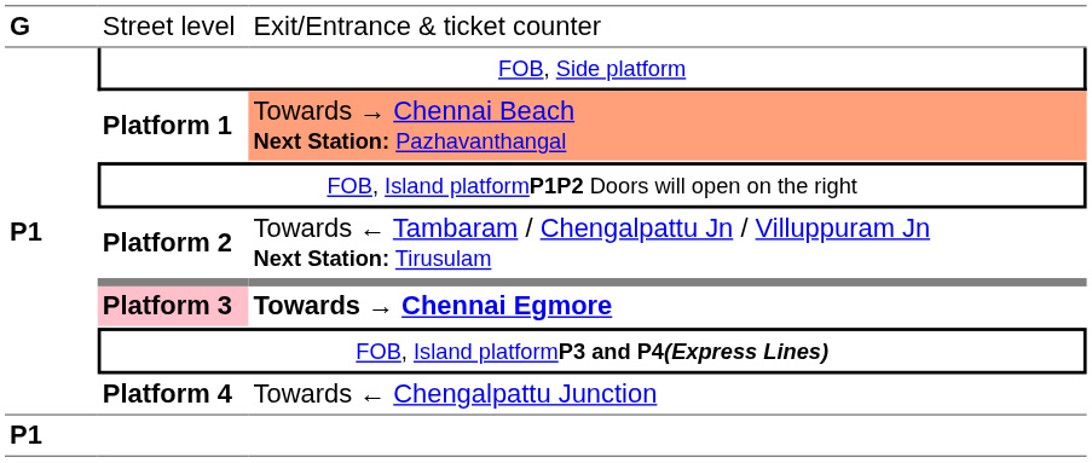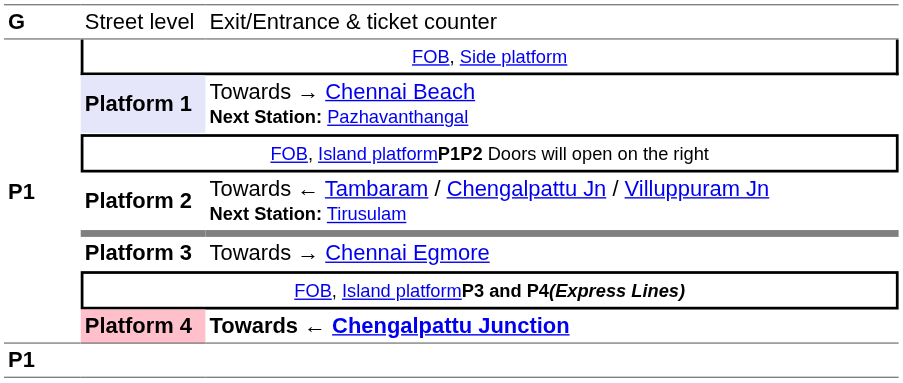 <table cellpadding="3" cellspacing="0" border="0">
 <tr>
 <td valign="top" width="30" style="border-top:solid 1px gray;border-bottom:solid 1px gray;"><strong>G</strong></td>
 <td valign="top" width="85" style="border-top:solid 1px gray;border-bottom:solid 1px gray;">Street level</td>
 <td valign="top" width="500" style="border-top:solid 1px gray;border-bottom:solid 1px gray;">Exit/Entrance & ticket counter</td>
 </tr>
 <tr>
 <td rowspan="7" style="border-bottom:solid 1px gray;" width="50" valign="center"><strong>P1</strong></td>
 <td colspan="2" style="border-right:solid 2px black;border-left:solid 2px black;border-bottom:solid 2px black;text-align:center;"><a href='#'><small>FOB</small></a><small>, <a href='#'>Side platform</a></small></td>
 </tr>
 <tr>
-<td width="85" style="border-bottom:solid 1px white;"><span><strong>Platform 1</strong></span></td>
-<td width="500" style="background: lightsalmon; border-bottom:solid 1px white;">Towards → <a href='#'>Chennai Beach</a><br><small><strong>Next Station:</strong> <a href='#'>Pazhavanthangal</a></small></td>
+<td width="85" style="background: lavender; border-bottom:solid 1px white;"><span><strong>Platform 1</strong></span></td>
+<td width="500" style="border-bottom:solid 1px white;">Towards → <a href='#'>Chennai Beach</a><br><small><strong>Next Station:</strong> <a href='#'>Pazhavanthangal</a></small></td>
 </tr>
 <tr>
 <td colspan="2" style="border-top:solid 2px black;border-right:solid 2px black;border-left:solid 2px black;border-bottom:solid 2px black;text-align:center;"><a href='#'><small>FOB</small></a><small>, <a href='#'>Island platform</a><strong>P1</strong><strong>P2</strong> Doors will open on the right</small></td>
 </tr>
 <tr>
 <td width="85" style="border-bottom:solid 5px gray;"><span><strong>Platform 2</strong></span></td>
 <td width="500" style="border-bottom:solid 5px gray;">Towards ← <a href='#'>Tambaram</a> / <a href='#'>Chengalpattu Jn</a> / <a href='#'>Villuppuram Jn</a><br><small><strong>Next Station:</strong> <a href='#'>Tirusulam</a></small></td>
 </tr>
 <tr>
-<td width="85" style="background: pink; border-bottom:solid 1px white;"><span><strong>Platform 3</strong></span></td>
-<td style="border-bottom:solid 1px white;" width="500"><strong>Towards → <a href='#'>Chennai Egmore</a></strong></td>
+<td width="85" style="border-bottom:solid 1px white;"><span><strong>Platform 3</strong></span></td>
+<td style="border-bottom:solid 1px white;" width="500">Towards → <a href='#'>Chennai Egmore</a></td>
 </tr>
 <tr>
 <td colspan="2" style="border-top:solid 2px black;border-right:solid 2px black;border-left:solid 2px black;border-bottom:solid 2px black;text-align:center;"><a href='#'><small>FOB</small></a><small>, <a href='#'>Island platform</a><strong>P3 and P4</strong><strong><em>(Express Lines)</em></strong></small></td>
 </tr>
 <tr>
-<td width="85" style="border-bottom:solid 1px gray;"><span><strong>Platform 4</strong></span></td>
-<td style="border-bottom:solid 1px gray;" width="500">Towards ← <a href='#'>Chengalpattu Junction</a></td>
+<td width="85" style="background: pink; border-bottom:solid 1px gray;"><span><strong>Platform 4</strong></span></td>
+<td style="border-bottom:solid 1px gray;" width="500"><strong>Towards ← <a href='#'>Chengalpattu Junction</a></strong></td>
 </tr>
 <tr>
 <td style="border-bottom:solid 1px gray;" width="50" valign="top"><strong>P1</strong></td>
 <td style="border-bottom:solid 1px gray;" width="50" valign="top"></td>
 <td style="border-bottom:solid 1px gray;" width="50" valign="top"></td>
 </tr>
 <tr>
 </tr>
 </table>
